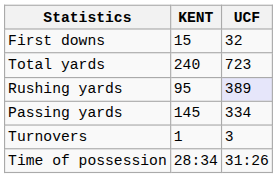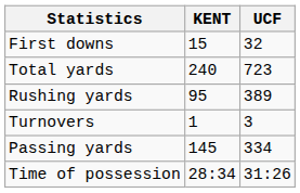 <table class="wikitable" style="float: left;">
 <tr>
 <th>Statistics</th>
 <th>KENT</th>
 <th>UCF</th>
 </tr>
 <tr>
 <td>First downs</td>
 <td>15</td>
 <td>32</td>
 </tr>
 <tr>
 <td>Total yards</td>
 <td>240</td>
 <td>723</td>
 </tr>
 <tr>
 <td>Rushing yards</td>
 <td>95</td>
-<td style="background: lavender;">389</td>
+<td>389</td>
+</tr>
+<tr>
+<td>Turnovers</td>
+<td>1</td>
+<td>3</td>
 </tr>
 <tr>
 <td>Passing yards</td>
 <td>145</td>
 <td>334</td>
 </tr>
 <tr>
-<td>Turnovers</td>
-<td>1</td>
-<td>3</td>
-</tr>
-<tr>
 <td>Time of possession</td>
 <td>28:34</td>
 <td>31:26</td>
 </tr>
 </table>
